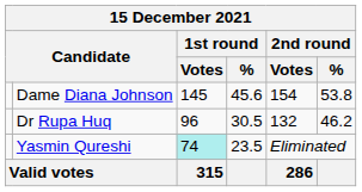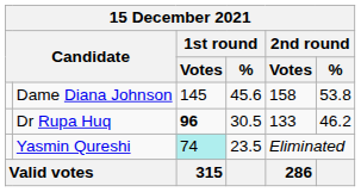 <table class="wikitable" style="min-width:250px">
 <tr>
 <th colspan="6">15 December 2021</th>
 </tr>
 <tr>
 <th colspan="2" rowspan="2">Candidate</th>
 <th colspan="2">1st round</th>
 <th colspan="2">2nd round</th>
 </tr>
 <tr>
 <th>Votes</th>
 <th>%</th>
 <th>Votes</th>
 <th>%</th>
 </tr>
 <tr>
 <td style="color:inherit;background-color: "></td>
 <td>Dame <a href='#'>Diana Johnson</a></td>
 <td>145</td>
 <td>45.6</td>
-<td>154</td>
+<td>158</td>
 <td>53.8</td>
 </tr>
 <tr>
 <td style="color:inherit;background-color: "></td>
 <td>Dr <a href='#'>Rupa Huq</a></td>
-<td>96</td>
+<td><strong>96</strong></td>
 <td>30.5</td>
-<td>132</td>
+<td>133</td>
 <td>46.2</td>
 </tr>
 <tr>
 <td style="color:inherit;background-color: "></td>
 <td><a href='#'>Yasmin Qureshi</a></td>
 <td style="background: paleturquoise;">74</td>
 <td>23.5</td>
 <td colspan=2><em>Eliminated</em></td>
 </tr>
 <tr>
 <th style="text-align:left;" colspan="2"><strong>Valid votes</strong></th>
 <th style="text-align:right;">315</th>
 <th></th>
 <th style="text-align:right;">286</th>
 <th></th>
 </tr>
 </table>
